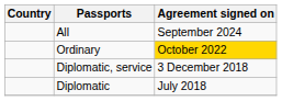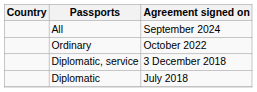 <table class="wikitable">
 <tr>
 <th>Country</th>
 <th>Passports</th>
 <th>Agreement signed on</th>
 </tr>
 <tr>
 <td></td>
 <td>All</td>
 <td>September 2024</td>
 </tr>
 <tr>
 <td></td>
 <td>Ordinary</td>
-<td style="background: gold;">October 2022</td>
+<td>October 2022</td>
 </tr>
 <tr>
 <td></td>
 <td>Diplomatic, service</td>
 <td>3 December 2018</td>
 </tr>
 <tr>
 <td></td>
 <td>Diplomatic</td>
 <td>July 2018</td>
 </tr>
 <tr>
 </tr>
 </table>
